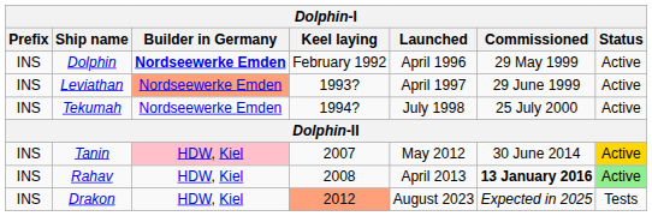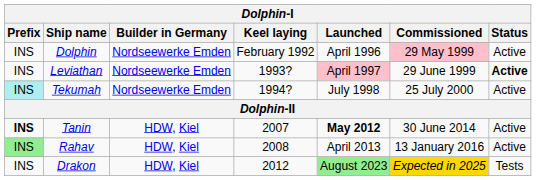 <table class="wikitable" style="text-align:center;">
 <tr>
 <th colspan=10><em>Dolphin</em>-I</th>
 </tr>
 <tr>
 <th>Prefix</th>
 <th>Ship name</th>
 <th>Builder in Germany</th>
 <th>Keel laying</th>
 <th>Launched</th>
 <th>Commissioned</th>
 <th>Status</th>
 </tr>
 <tr>
 <td>INS</td>
 <td><a href='#'><em>Dolphin</em></a></td>
-<td><strong><a href='#'>Nordseewerke Emden</a></strong></td>
+<td><a href='#'>Nordseewerke Emden</a></td>
 <td>February 1992</td>
 <td>April 1996</td>
-<td>29 May 1999</td>
+<td style="background: pink;">29 May 1999</td>
 <td>Active</td>
 </tr>
 <tr>
 <td>INS</td>
 <td><a href='#'><em>Leviathan</em></a></td>
-<td style="background: lightsalmon;"><a href='#'>Nordseewerke Emden</a></td>
+<td><a href='#'>Nordseewerke Emden</a></td>
 <td>1993?</td>
-<td>April 1997</td>
+<td style="background: pink;">April 1997</td>
 <td>29 June 1999</td>
-<td>Active</td>
+<td><strong>Active</strong></td>
 </tr>
 <tr>
-<td>INS</td>
+<td style="background: paleturquoise;">INS</td>
 <td><a href='#'><em>Tekumah</em></a></td>
 <td><a href='#'>Nordseewerke Emden</a></td>
 <td>1994?</td>
 <td>July 1998</td>
 <td>25 July 2000</td>
 <td>Active</td>
 </tr>
 <tr>
 <th colspan=10><em>Dolphin</em>-II</th>
 </tr>
 <tr>
-<td>INS</td>
+<td><strong>INS</strong></td>
 <td><a href='#'><em>Tanin</em></a></td>
-<td style="background: pink;"><a href='#'>HDW</a>, <a href='#'>Kiel</a></td>
+<td><a href='#'>HDW</a>, <a href='#'>Kiel</a></td>
 <td>2007</td>
-<td>May 2012</td>
+<td><strong>May 2012</strong></td>
 <td>30 June 2014</td>
-<td style="background: gold;">Active</td>
+<td>Active</td>
 </tr>
 <tr>
-<td>INS</td>
+<td style="background: lightgreen;">INS</td>
 <td><a href='#'><em>Rahav</em></a></td>
 <td><a href='#'>HDW</a>, <a href='#'>Kiel</a></td>
 <td>2008</td>
 <td>April 2013</td>
-<td><strong>13 January 2016</strong></td>
-<td style="background: lightgreen;">Active</td>
+<td>13 January 2016</td>
+<td>Active</td>
 </tr>
 <tr>
 <td>INS</td>
 <td><a href='#'><em>Drakon</em></a></td>
 <td><a href='#'>HDW</a>, <a href='#'>Kiel</a></td>
-<td style="background: lightsalmon;">2012</td>
-<td>August 2023</td>
-<td><em>Expected in 2025</em></td>
+<td>2012</td>
+<td style="background: lightgreen;">August 2023</td>
+<td style="background: gold;"><em>Expected in 2025</em></td>
 <td>Tests</td>
 </tr>
 </table>
